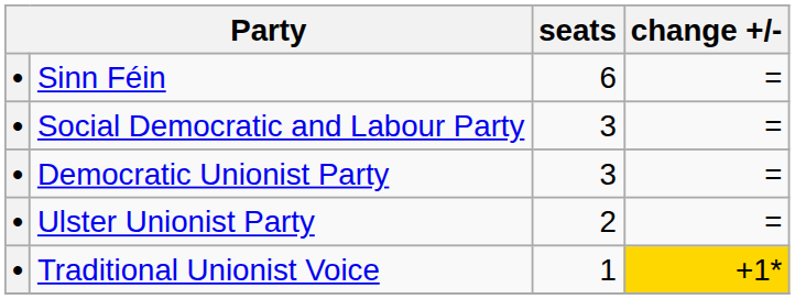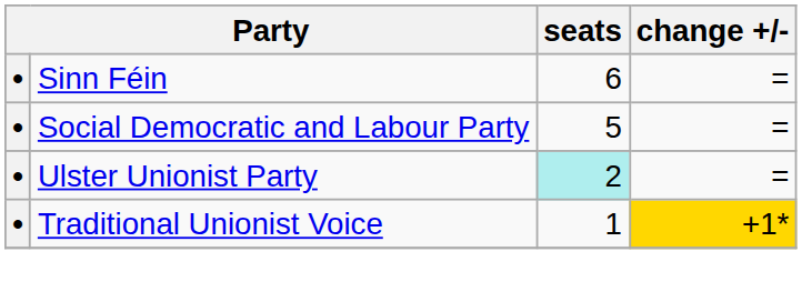 <table class="wikitable" style="font-size: 95%;">
 <tr>
 <th colspan=2>Party</th>
 <th>seats</th>
 <th>change +/-</th>
 </tr>
 <tr>
 <th style="background-color: "><span>•</span></th>
 <td><a href='#'>Sinn Féin</a></td>
 <td align="right">6</td>
 <td align="right">=</td>
 </tr>
 <tr>
 <th style="background-color: "><span>•</span></th>
 <td><a href='#'>Social Democratic and Labour Party</a></td>
-<td align="right">3</td>
-<td align="right">=</td>
-</tr>
-<tr>
-<th style="background-color: "><span>•</span></th>
-<td><a href='#'>Democratic Unionist Party</a></td>
-<td align="right">3</td>
+<td align="right">5</td>
 <td align="right">=</td>
 </tr>
 <tr>
 <th style="background-color: "><span>•</span></th>
 <td><a href='#'>Ulster Unionist Party</a></td>
-<td align="right">2</td>
+<td align="right" style="background: paleturquoise;">2</td>
 <td align="right">=</td>
 </tr>
 <tr>
 <th style="background-color: "><span>•</span></th>
 <td><a href='#'>Traditional Unionist Voice</a></td>
 <td align="right">1</td>
 <td align="right" style="background: gold;">+1*</td>
 </tr>
 <tr>
 </tr>
 </table>
